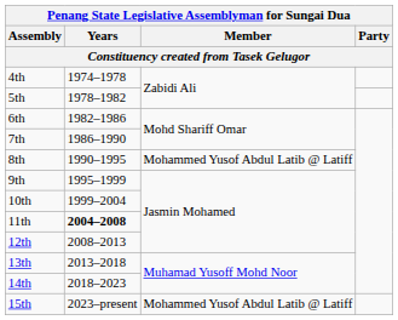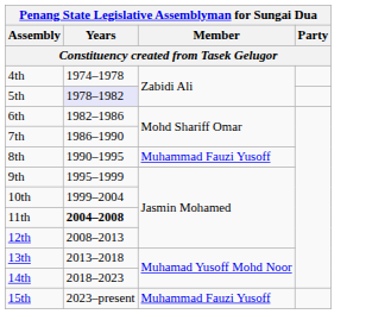 <table class="wikitable">
 <tr>
 <th colspan="4"><a href='#'>Penang State Legislative Assemblyman</a> for Sungai Dua</th>
 </tr>
 <tr>
 <th>Assembly</th>
 <th>Years</th>
 <th>Member</th>
 <th>Party</th>
 </tr>
 <tr>
 <th colspan="4" align="center"><em>Constituency created from Tasek Gelugor</em></th>
 </tr>
 <tr>
 <td>4th</td>
 <td>1974–1978</td>
 <td rowspan="2">Zabidi Ali</td>
 <td></td>
 </tr>
 <tr>
 <td>5th</td>
-<td>1978–1982</td>
+<td style="background: lavender;">1978–1982</td>
 <td></td>
 </tr>
 <tr>
 <td>6th</td>
 <td>1982–1986</td>
 <td rowspan="2">Mohd Shariff Omar</td>
 <td rowspan="9"></td>
 </tr>
 <tr>
 <td>7th</td>
 <td>1986–1990</td>
 </tr>
 <tr>
 <td>8th</td>
 <td>1990–1995</td>
-<td>Mohammed Yusof Abdul Latib @ Latiff</td>
+<td><a href='#'>Muhammad Fauzi Yusoff</a></td>
 </tr>
 <tr>
 <td>9th</td>
 <td>1995–1999</td>
 <td rowspan="4">Jasmin Mohamed</td>
 </tr>
 <tr>
 <td>10th</td>
 <td>1999–2004</td>
 </tr>
 <tr>
 <td>11th</td>
 <td><strong>2004–2008</strong></td>
 </tr>
 <tr>
 <td><a href='#'>12th</a></td>
 <td>2008–2013</td>
 </tr>
 <tr>
 <td><a href='#'>13th</a></td>
 <td>2013–2018</td>
 <td rowspan="2"><a href='#'>Muhamad Yusoff Mohd Noor</a></td>
 </tr>
 <tr>
 <td><a href='#'>14th</a></td>
 <td>2018–2023</td>
 </tr>
 <tr>
 <td><a href='#'>15th</a></td>
 <td>2023–present</td>
-<td>Mohammed Yusof Abdul Latib @ Latiff</td>
+<td><a href='#'>Muhammad Fauzi Yusoff</a></td>
 <td></td>
 </tr>
 </table>
